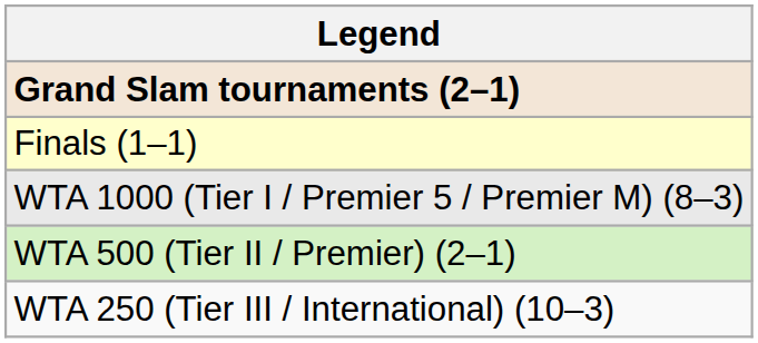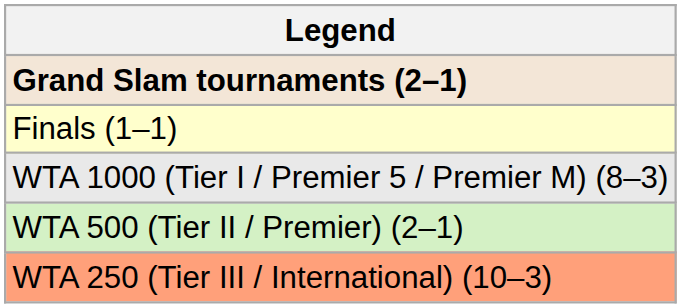 <table class="wikitable" style="font-size:90%">
 <tr>
 <th>Legend</th>
 </tr>
 <tr>
 <td style="background:#f3e6d7;"><strong>Grand Slam tournaments (2–1)</strong></td>
 </tr>
 <tr>
 <td style="background:#ffc;">Finals (1–1)</td>
 </tr>
 <tr>
 <td style="background:#e9e9e9;">WTA 1000 (Tier I / Premier 5 / Premier M) (8–3)</td>
 </tr>
 <tr>
 <td style="background:#d4f1c5;">WTA 500 (Tier II / Premier) (2–1)</td>
 </tr>
 <tr>
-<td>WTA 250 (Tier III / International) (10–3)</td>
+<td style="background: lightsalmon;">WTA 250 (Tier III / International) (10–3)</td>
 </tr>
 </table>
